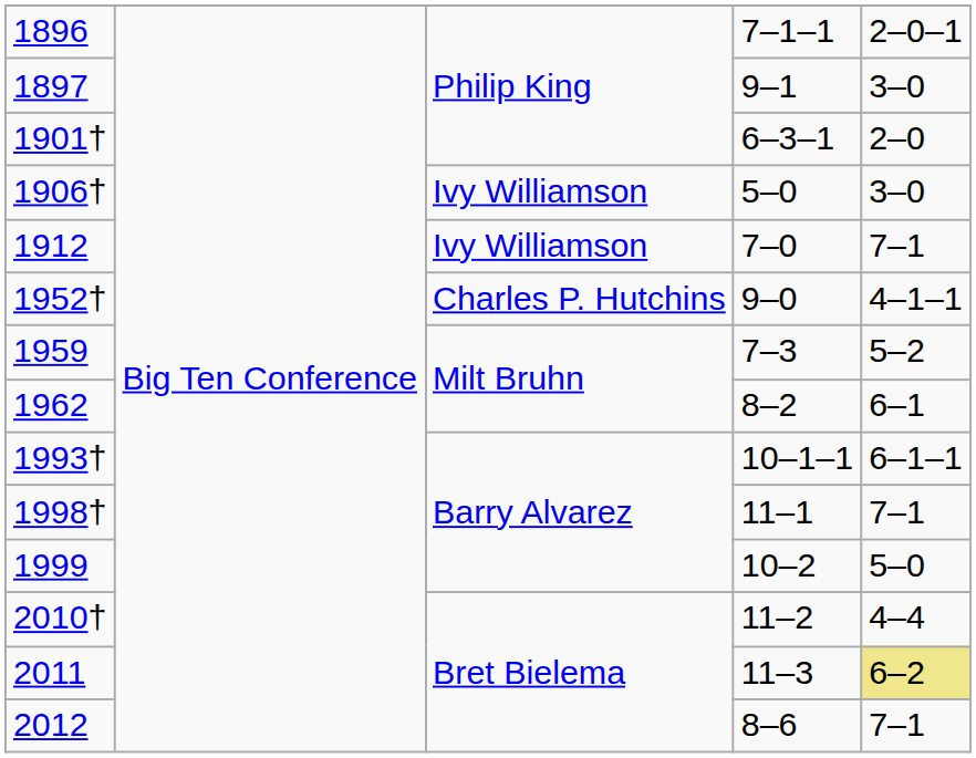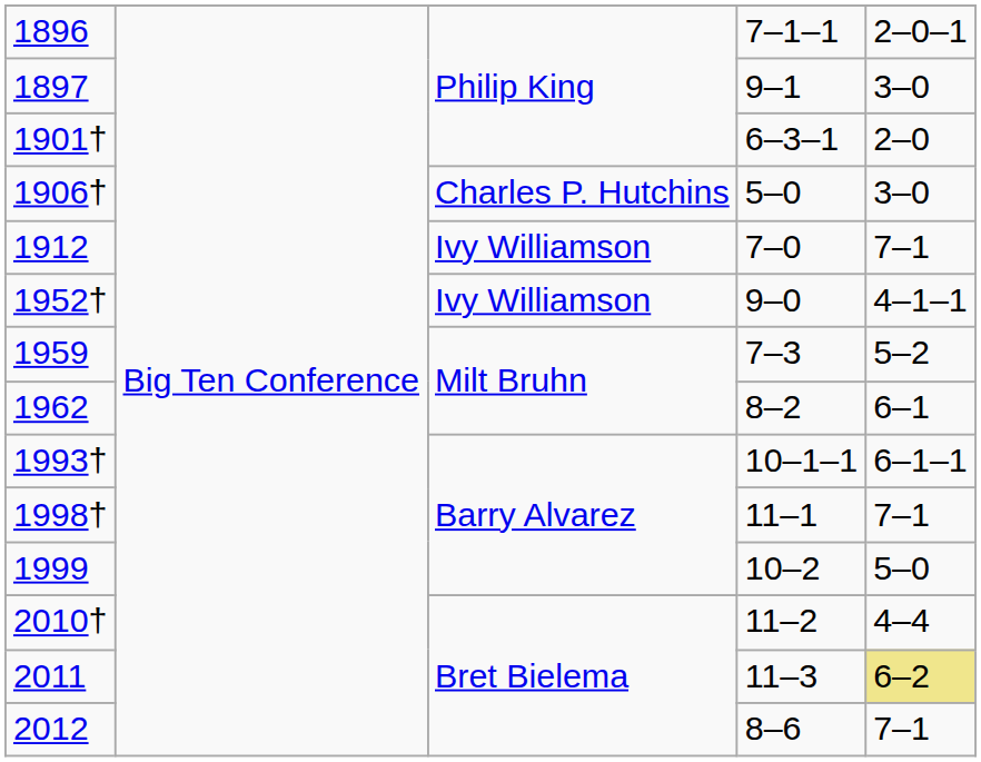 <table class="wikitable">
 <tr>
 </tr>
 <tr>
 <td><a href='#'>1896</a></td>
 <td rowspan="14"><a href='#'>Big Ten Conference</a></td>
 <td rowspan="3"><a href='#'>Philip King</a></td>
 <td>7–1–1</td>
 <td>2–0–1</td>
 </tr>
 <tr>
 <td><a href='#'>1897</a></td>
 <td>9–1</td>
 <td>3–0</td>
 </tr>
 <tr>
 <td><a href='#'>1901</a>†</td>
 <td>6–3–1</td>
 <td>2–0</td>
 </tr>
 <tr>
 <td><a href='#'>1906</a>†</td>
-<td><a href='#'>Ivy Williamson</a></td>
+<td><a href='#'>Charles P. Hutchins</a></td>
 <td>5–0</td>
 <td>3–0</td>
 </tr>
 <tr>
 <td><a href='#'>1912</a></td>
 <td><a href='#'>Ivy Williamson</a></td>
 <td>7–0</td>
 <td>7–1</td>
 </tr>
 <tr>
 <td><a href='#'>1952</a>†</td>
-<td><a href='#'>Charles P. Hutchins</a></td>
+<td><a href='#'>Ivy Williamson</a></td>
 <td>9–0</td>
 <td>4–1–1</td>
 </tr>
 <tr>
 <td><a href='#'>1959</a></td>
 <td rowspan="2"><a href='#'>Milt Bruhn</a></td>
 <td>7–3</td>
 <td>5–2</td>
 </tr>
 <tr>
 <td><a href='#'>1962</a></td>
 <td>8–2</td>
 <td>6–1</td>
 </tr>
 <tr>
 <td><a href='#'>1993</a>†</td>
 <td rowspan="3"><a href='#'>Barry Alvarez</a></td>
 <td>10–1–1</td>
 <td>6–1–1</td>
 </tr>
 <tr>
 <td><a href='#'>1998</a>†</td>
 <td>11–1</td>
 <td>7–1</td>
 </tr>
 <tr>
 <td><a href='#'>1999</a></td>
 <td>10–2</td>
 <td>5–0</td>
 </tr>
 <tr>
 <td><a href='#'>2010</a>†</td>
 <td rowspan="3"><a href='#'>Bret Bielema</a></td>
 <td>11–2</td>
 <td>4–4</td>
 </tr>
 <tr>
 <td><a href='#'>2011</a></td>
 <td>11–3</td>
 <td style="background: khaki;">6–2</td>
 </tr>
 <tr>
 <td><a href='#'>2012</a></td>
 <td>8–6</td>
 <td>7–1</td>
 </tr>
 </table>
